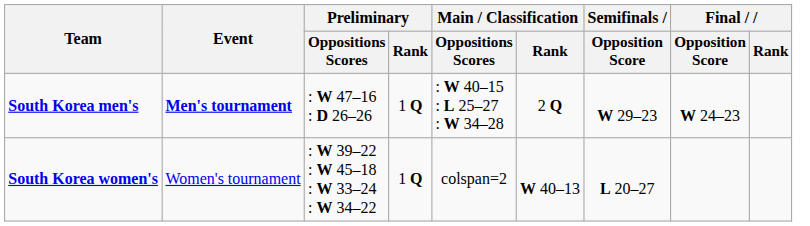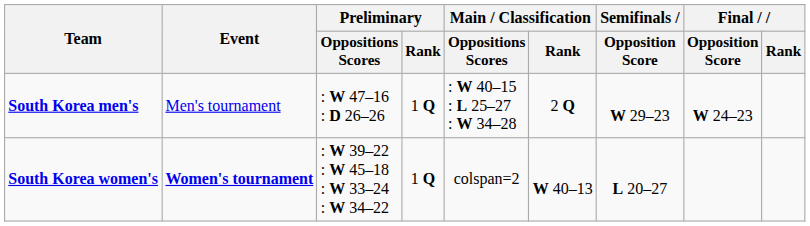 <table class=wikitable style=font-size:90%;text-align:center>
 <tr>
 <th rowspan=2>Team</th>
 <th rowspan=2>Event</th>
 <th colspan=2>Preliminary</th>
 <th colspan=2>Main / Classification</th>
 <th>Semifinals / </th>
 <th colspan=2>Final /  / </th>
 </tr>
 <tr style=font-size:95%>
 <th>Oppositions<br>Scores</th>
 <th>Rank</th>
 <th>Oppositions<br>Scores</th>
 <th>Rank</th>
 <th>Opposition<br>Score</th>
 <th>Opposition<br>Score</th>
 <th>Rank</th>
 </tr>
 <tr>
 <td align=left><strong><a href='#'>South Korea men's</a></strong></td>
-<td align=left><strong><a href='#'>Men's tournament</a></strong></td>
+<td align=left><a href='#'>Men's tournament</a></td>
 <td align=left>: <strong>W</strong> 47–16<br>: <strong>D</strong> 26–26</td>
 <td>1 <strong>Q</strong></td>
 <td align=left>: <strong>W</strong> 40–15<br>: <strong>L</strong> 25–27<br>: <strong>W</strong> 34–28</td>
 <td>2 <strong>Q</strong></td>
 <td><br><strong>W</strong> 29–23</td>
 <td><br><strong>W</strong> 24–23</td>
 <td></td>
 </tr>
 <tr>
 <td align=left><strong><a href='#'>South Korea women's</a></strong></td>
-<td align=left><a href='#'>Women's tournament</a></td>
+<td align=left><strong><a href='#'>Women's tournament</a></strong></td>
 <td align=left>: <strong>W</strong> 39–22<br>: <strong>W</strong> 45–18<br>: <strong>W</strong> 33–24<br>: <strong>W</strong> 34–22</td>
 <td>1 <strong>Q</strong></td>
 <td>colspan=2 </td>
 <td><br><strong>W</strong> 40–13</td>
 <td><br><strong>L</strong> 20–27</td>
 <td></td>
 </tr>
 </table>
